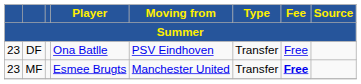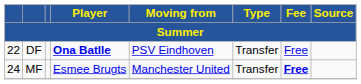 <table class="wikitable plainrowheaders sortable" style="text-align:center">
 <tr>
 <th style="background:#26559B; color:#FFF000; "></th>
 <th style="background:#26559B; color:#FFF000; "></th>
 <th style="background:#26559B; color:#FFF000; "></th>
 <th style="background:#26559B; color:#FFF000; ">Player</th>
 <th style="background:#26559B; color:#FFF000; ">Moving from</th>
 <th style="background:#26559B; color:#FFF000; ">Type</th>
 <th style="background:#26559B; color:#FFF000; ">Fee</th>
 <th style="background:#26559B; color:#FFF000; ">Source</th>
 </tr>
 <tr>
 <th colspan=8 style="background:#26559B; color:#FFF000; ">Summer</th>
 </tr>
 <tr>
-<td>23</td>
+<td>22</td>
 <td>DF</td>
 <td></td>
-<td align=left><a href='#'>Ona Batlle</a></td>
+<td align=left><strong><a href='#'>Ona Batlle</a></strong></td>
 <td align=left> <a href='#'>PSV Eindhoven</a></td>
 <td>Transfer</td>
 <td><a href='#'>Free</a></td>
 <td></td>
 </tr>
 <tr>
-<td>23</td>
+<td>24</td>
 <td>MF</td>
 <td></td>
 <td align=left><a href='#'>Esmee Brugts</a></td>
 <td align=left> <a href='#'>Manchester United</a></td>
 <td>Transfer</td>
 <td><strong><a href='#'>Free</a></strong></td>
 <td></td>
 </tr>
 <tr>
 </tr>
 </table>
